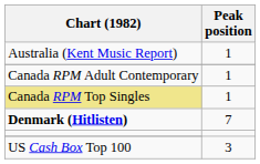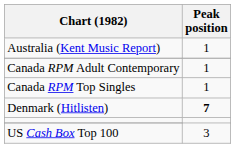 <table class="wikitable sortable">
 <tr>
 <th>Chart (1982)</th>
 <th>Peak<br>position</th>
 </tr>
 <tr>
 <td>Australia (<a href='#'>Kent Music Report</a>)</td>
 <td style="text-align:center;">1</td>
 </tr>
 <tr>
 </tr>
 <tr>
 <td>Canada <em>RPM</em> Adult Contemporary</td>
 <td style="text-align:center;">1</td>
 </tr>
 <tr>
-<td style="background: khaki;">Canada <em><a href='#'>RPM</a></em> Top Singles</td>
+<td>Canada <em><a href='#'>RPM</a></em> Top Singles</td>
 <td style="text-align:center;">1</td>
 </tr>
 <tr>
-<td><strong>Denmark (<a href='#'>Hitlisten</a>)</strong></td>
-<td style="text-align:center;">7</td>
+<td>Denmark (<a href='#'>Hitlisten</a>)</td>
+<td style="text-align:center;"><strong>7</strong></td>
 </tr>
 <tr>
 <td></td>
 </tr>
 <tr>
 </tr>
 <tr>
 </tr>
 <tr>
 </tr>
 <tr>
 </tr>
 <tr>
 </tr>
 <tr>
 </tr>
 <tr>
 </tr>
 <tr>
 <td>US <a href='#'><em>Cash Box</em></a> Top 100</td>
 <td align="center">3</td>
 </tr>
 </table>
